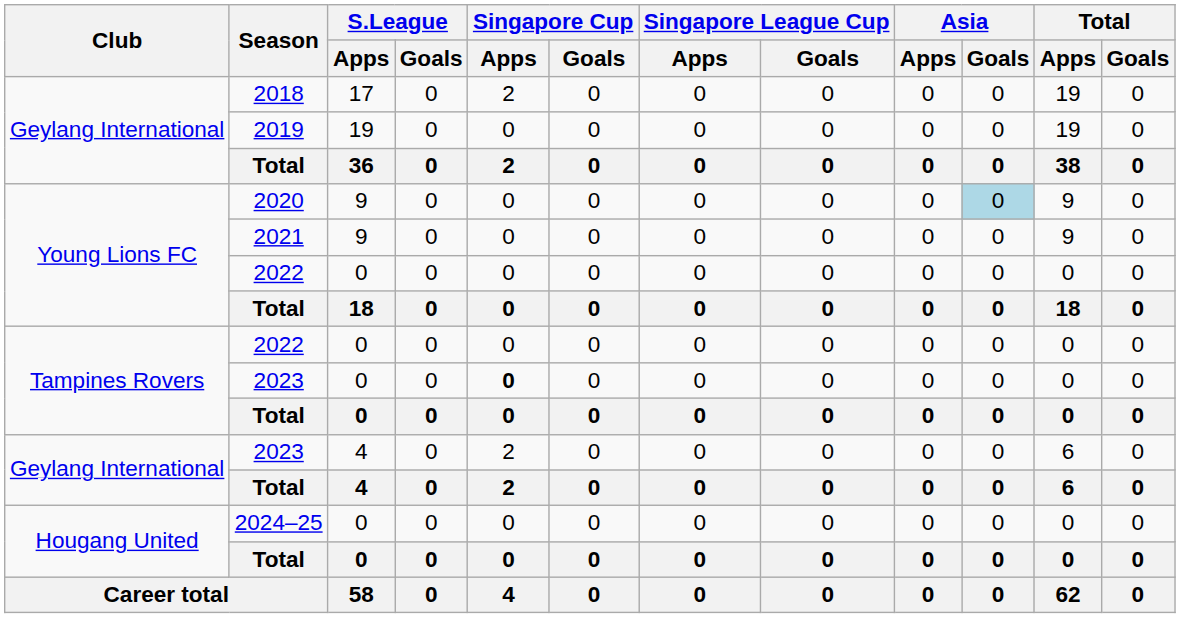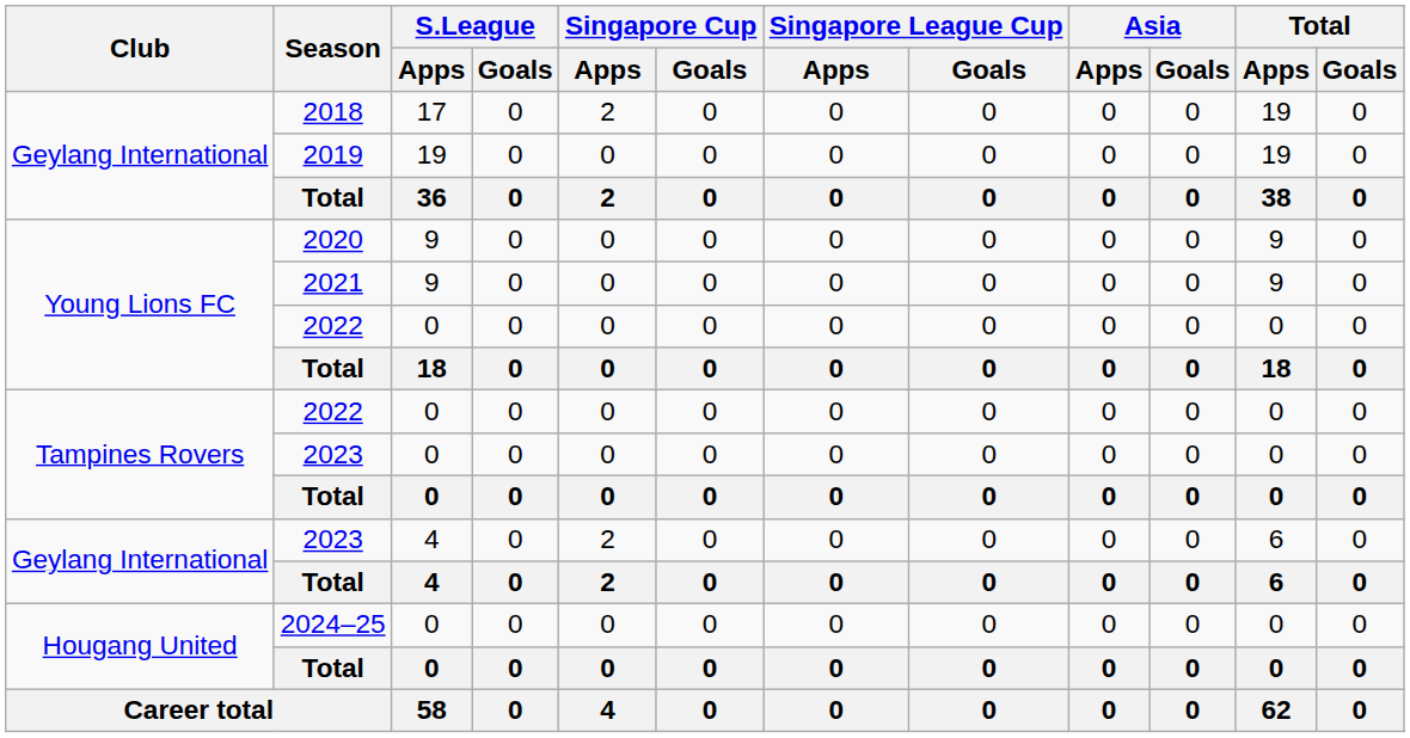 <table style="text-align:center" class="wikitable">
 <tr>
 <th rowspan="2">Club</th>
 <th rowspan="2">Season</th>
 <th colspan="2"><a href='#'>S.League</a></th>
 <th colspan="2"><a href='#'>Singapore Cup</a></th>
 <th colspan="2"><a href='#'>Singapore League Cup</a></th>
 <th colspan="2"><a href='#'>Asia</a></th>
 <th colspan="2">Total</th>
 </tr>
 <tr>
 <th>Apps</th>
 <th>Goals</th>
 <th>Apps</th>
 <th>Goals</th>
 <th>Apps</th>
 <th>Goals</th>
 <th>Apps</th>
 <th>Goals</th>
 <th>Apps</th>
 <th>Goals</th>
 </tr>
 <tr>
 <td rowspan="3"><a href='#'>Geylang International</a></td>
 <td><a href='#'>2018</a></td>
 <td>17</td>
 <td>0</td>
 <td>2</td>
 <td>0</td>
 <td>0</td>
 <td>0</td>
 <td>0</td>
 <td>0</td>
 <td>19</td>
 <td>0</td>
 </tr>
 <tr>
 <td><a href='#'>2019</a></td>
 <td>19</td>
 <td>0</td>
 <td>0</td>
 <td>0</td>
 <td>0</td>
 <td>0</td>
 <td>0</td>
 <td>0</td>
 <td>19</td>
 <td>0</td>
 </tr>
 <tr>
 <th>Total</th>
 <th>36</th>
 <th>0</th>
 <th>2</th>
 <th>0</th>
 <th>0</th>
 <th>0</th>
 <th>0</th>
 <th>0</th>
 <th>38</th>
 <th>0</th>
 </tr>
 <tr>
 <td rowspan="4"><a href='#'>Young Lions FC</a></td>
 <td><a href='#'>2020</a></td>
 <td>9</td>
 <td>0</td>
 <td>0</td>
 <td>0</td>
 <td>0</td>
 <td>0</td>
 <td>0</td>
-<td style="background: lightblue;">0</td>
+<td>0</td>
 <td>9</td>
 <td>0</td>
 </tr>
 <tr>
 <td><a href='#'>2021</a></td>
 <td>9</td>
 <td>0</td>
 <td>0</td>
 <td>0</td>
 <td>0</td>
 <td>0</td>
 <td>0</td>
 <td>0</td>
 <td>9</td>
 <td>0</td>
 </tr>
 <tr>
 <td><a href='#'>2022</a></td>
 <td>0</td>
 <td>0</td>
 <td>0</td>
 <td>0</td>
 <td>0</td>
 <td>0</td>
 <td>0</td>
 <td>0</td>
 <td>0</td>
 <td>0</td>
 </tr>
 <tr>
 <th>Total</th>
 <th>18</th>
 <th>0</th>
 <th>0</th>
 <th>0</th>
 <th>0</th>
 <th>0</th>
 <th>0</th>
 <th>0</th>
 <th>18</th>
 <th>0</th>
 </tr>
 <tr>
 <td rowspan="3"><a href='#'>Tampines Rovers</a></td>
 <td><a href='#'>2022</a></td>
 <td>0</td>
 <td>0</td>
 <td>0</td>
 <td>0</td>
 <td>0</td>
 <td>0</td>
 <td>0</td>
 <td>0</td>
 <td>0</td>
 <td>0</td>
 </tr>
 <tr>
 <td><a href='#'>2023</a></td>
 <td>0</td>
 <td>0</td>
-<td><strong>0</strong></td>
+<td>0</td>
 <td>0</td>
 <td>0</td>
 <td>0</td>
 <td>0</td>
 <td>0</td>
 <td>0</td>
 <td>0</td>
 </tr>
 <tr>
 <th colspan=1>Total</th>
 <th>0</th>
 <th>0</th>
 <th>0</th>
 <th>0</th>
 <th>0</th>
 <th>0</th>
 <th>0</th>
 <th>0</th>
 <th>0</th>
 <th>0</th>
 </tr>
 <tr>
 <td rowspan="2"><a href='#'>Geylang International</a></td>
 <td><a href='#'>2023</a></td>
 <td>4</td>
 <td>0</td>
 <td>2</td>
 <td>0</td>
 <td>0</td>
 <td>0</td>
 <td>0</td>
 <td>0</td>
 <td>6</td>
 <td>0</td>
 </tr>
 <tr>
 <th>Total</th>
 <th>4</th>
 <th>0</th>
 <th>2</th>
 <th>0</th>
 <th>0</th>
 <th>0</th>
 <th>0</th>
 <th>0</th>
 <th>6</th>
 <th>0</th>
 </tr>
 <tr>
 <td rowspan="2"><a href='#'>Hougang United</a></td>
 <td><a href='#'>2024–25</a></td>
 <td>0</td>
 <td>0</td>
 <td>0</td>
 <td>0</td>
 <td>0</td>
 <td>0</td>
 <td>0</td>
 <td>0</td>
 <td>0</td>
 <td>0</td>
 </tr>
 <tr>
 <th>Total</th>
 <th>0</th>
 <th>0</th>
 <th>0</th>
 <th>0</th>
 <th>0</th>
 <th>0</th>
 <th>0</th>
 <th>0</th>
 <th>0</th>
 <th>0</th>
 </tr>
 <tr>
 <th colspan="2">Career total</th>
 <th>58</th>
 <th>0</th>
 <th>4</th>
 <th>0</th>
 <th>0</th>
 <th>0</th>
 <th>0</th>
 <th>0</th>
 <th>62</th>
 <th>0</th>
 </tr>
 </table>
